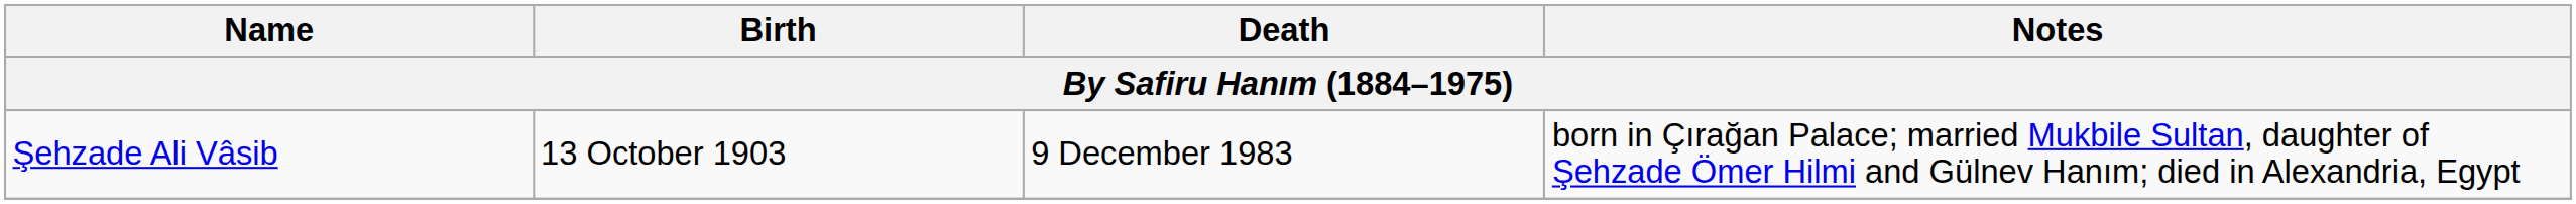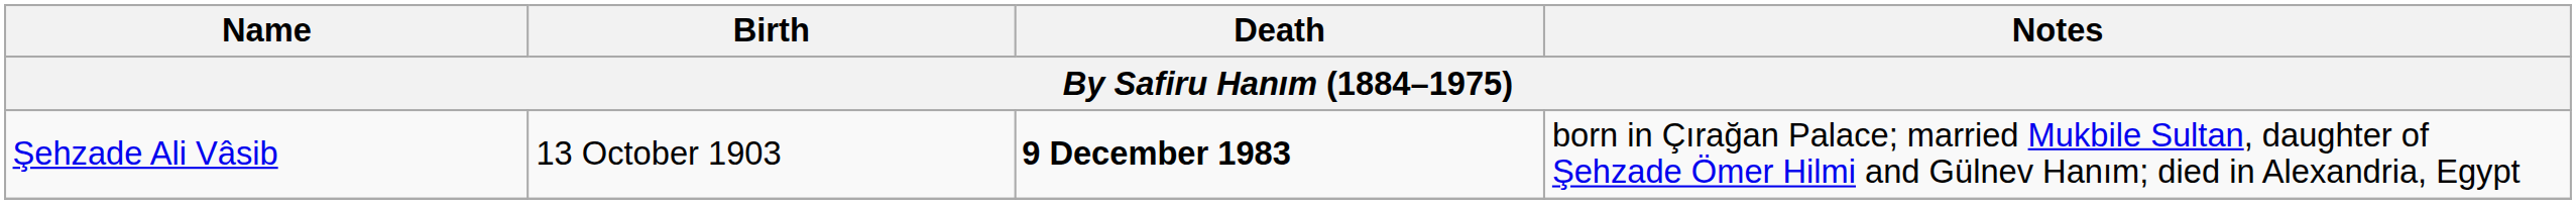 <table class="wikitable">
 <tr>
 <th>Name</th>
 <th>Birth</th>
 <th>Death</th>
 <th style="width:40%;">Notes</th>
 </tr>
 <tr>
 <th colspan="4"><strong><em>By Safiru Hanım</em></strong> (1884–1975)</th>
 </tr>
 <tr>
 <td><a href='#'>Şehzade Ali Vâsib</a></td>
 <td>13 October 1903</td>
-<td>9 December 1983</td>
+<td><strong>9 December 1983</strong></td>
 <td>born in Çırağan Palace; married <a href='#'>Mukbile Sultan</a>, daughter of <a href='#'>Şehzade Ömer Hilmi</a> and Gülnev Hanım; died in Alexandria, Egypt</td>
 </tr>
 <tr>
 </tr>
 </table>
